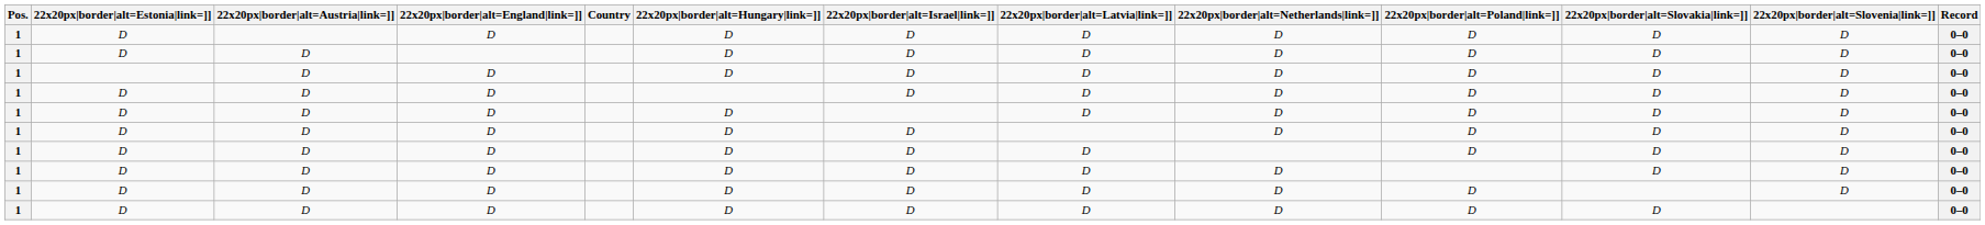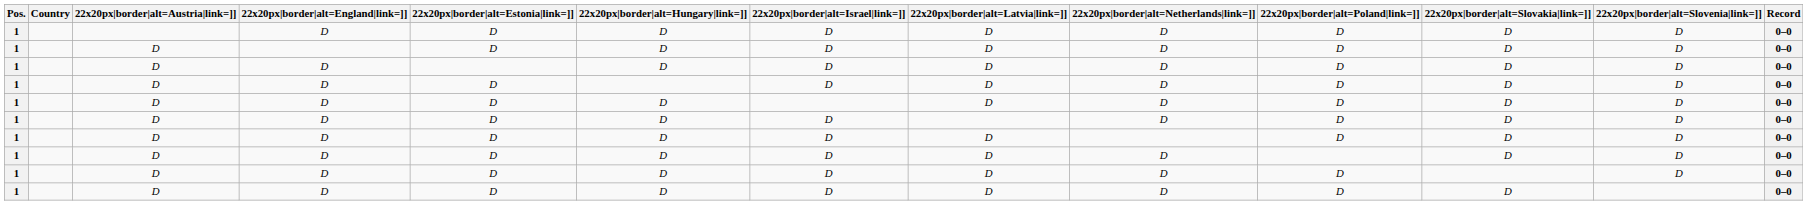 <table class="wikitable sortable nowrap" style="text-align:center; font-size:0.9em;">
 <tr>
 <th>Pos.</th>
-<th [[Image:>22x20px|border|alt=Estonia|link=]]</th>
+<th>Country</th>
 <th [[Image:>22x20px|border|alt=Austria|link=]]</th>
 <th [[Image:>22x20px|border|alt=England|link=]]</th>
-<th>Country</th>
+<th [[Image:>22x20px|border|alt=Estonia|link=]]</th>
 <th [[Image:>22x20px|border|alt=Hungary|link=]]</th>
 <th [[Image:>22x20px|border|alt=Israel|link=]]</th>
 <th [[Image:>22x20px|border|alt=Latvia|link=]]</th>
 <th [[Image:>22x20px|border|alt=Netherlands|link=]]</th>
 <th [[Image:>22x20px|border|alt=Poland|link=]]</th>
 <th [[Image:>22x20px|border|alt=Slovakia|link=]]</th>
 <th [[Image:>22x20px|border|alt=Slovenia|link=]]</th>
 <th>Record</th>
 </tr>
 <tr>
 <th>1</th>
-<td><em>D</em> </td>
+<td style="text-align:left;"></td>
 <td> </td>
 <td><em>D</em> </td>
-<td style="text-align:left;"></td>
+<td><em>D</em> </td>
 <td><em>D</em> </td>
 <td><em>D</em> </td>
 <td><em>D</em> </td>
 <td><em>D</em> </td>
 <td><em>D</em> </td>
 <td><em>D</em> </td>
 <td><em>D</em> </td>
 <th>0–0</th>
 </tr>
 <tr>
 <th>1</th>
-<td><em>D</em> </td>
+<td style="text-align:left;"></td>
 <td><em>D</em> </td>
 <td> </td>
-<td style="text-align:left;"></td>
+<td><em>D</em> </td>
 <td><em>D</em> </td>
 <td><em>D</em> </td>
 <td><em>D</em> </td>
 <td><em>D</em> </td>
 <td><em>D</em> </td>
 <td><em>D</em> </td>
 <td><em>D</em> </td>
 <th>0–0</th>
 </tr>
 <tr>
 <th>1</th>
-<td> </td>
+<td style="text-align:left;"></td>
 <td><em>D</em> </td>
 <td><em>D</em> </td>
-<td style="text-align:left;"></td>
+<td> </td>
 <td><em>D</em> </td>
 <td><em>D</em> </td>
 <td><em>D</em> </td>
 <td><em>D</em> </td>
 <td><em>D</em> </td>
 <td><em>D</em> </td>
 <td><em>D</em> </td>
 <th>0–0</th>
 </tr>
 <tr>
 <th>1</th>
+<td style="text-align:left;"></td>
 <td><em>D</em> </td>
 <td><em>D</em> </td>
 <td><em>D</em> </td>
-<td style="text-align:left;"></td>
 <td> </td>
 <td><em>D</em> </td>
 <td><em>D</em> </td>
 <td><em>D</em> </td>
 <td><em>D</em> </td>
 <td><em>D</em> </td>
 <td><em>D</em> </td>
 <th>0–0</th>
 </tr>
 <tr>
 <th>1</th>
+<td style="text-align:left;"></td>
 <td><em>D</em> </td>
 <td><em>D</em> </td>
 <td><em>D</em> </td>
-<td style="text-align:left;"></td>
 <td><em>D</em> </td>
 <td> </td>
 <td><em>D</em> </td>
 <td><em>D</em> </td>
 <td><em>D</em> </td>
 <td><em>D</em> </td>
 <td><em>D</em> </td>
 <th>0–0</th>
 </tr>
 <tr>
 <th>1</th>
+<td style="text-align:left;"></td>
 <td><em>D</em> </td>
 <td><em>D</em> </td>
 <td><em>D</em> </td>
-<td style="text-align:left;"></td>
 <td><em>D</em> </td>
 <td><em>D</em> </td>
 <td> </td>
 <td><em>D</em> </td>
 <td><em>D</em> </td>
 <td><em>D</em> </td>
 <td><em>D</em> </td>
 <th>0–0</th>
 </tr>
 <tr>
 <th>1</th>
+<td style="text-align:left;"></td>
 <td><em>D</em> </td>
 <td><em>D</em> </td>
 <td><em>D</em> </td>
-<td style="text-align:left;"></td>
 <td><em>D</em> </td>
 <td><em>D</em> </td>
 <td><em>D</em> </td>
 <td> </td>
 <td><em>D</em> </td>
 <td><em>D</em> </td>
 <td><em>D</em> </td>
 <th>0–0</th>
 </tr>
 <tr>
 <th>1</th>
+<td style="text-align:left;"></td>
 <td><em>D</em> </td>
 <td><em>D</em> </td>
 <td><em>D</em> </td>
-<td style="text-align:left;"></td>
 <td><em>D</em> </td>
 <td><em>D</em> </td>
 <td><em>D</em> </td>
 <td><em>D</em> </td>
 <td> </td>
 <td><em>D</em> </td>
 <td><em>D</em> </td>
 <th>0–0</th>
 </tr>
 <tr>
 <th>1</th>
+<td style="text-align:left;"></td>
 <td><em>D</em> </td>
 <td><em>D</em> </td>
 <td><em>D</em> </td>
-<td style="text-align:left;"></td>
 <td><em>D</em> </td>
 <td><em>D</em> </td>
 <td><em>D</em> </td>
 <td><em>D</em> </td>
 <td><em>D</em> </td>
 <td> </td>
 <td><em>D</em> </td>
 <th>0–0</th>
 </tr>
 <tr>
 <th>1</th>
+<td style="text-align:left;"></td>
 <td><em>D</em> </td>
 <td><em>D</em> </td>
 <td><em>D</em> </td>
-<td style="text-align:left;"></td>
 <td><em>D</em> </td>
 <td><em>D</em> </td>
 <td><em>D</em> </td>
 <td><em>D</em> </td>
 <td><em>D</em> </td>
 <td><em>D</em> </td>
 <td> </td>
 <th>0–0</th>
 </tr>
 </table>
